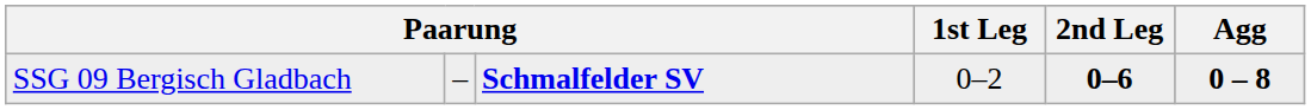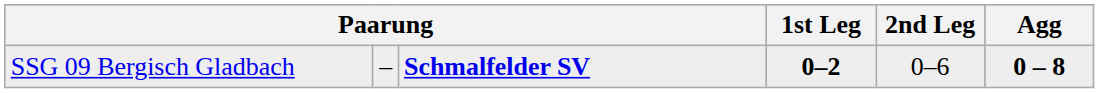 <table class="wikitable">
 <tr>
 <th colspan="3" bgcolor="#EEEEEE">Paarung</th>
 <th style="width:60px;" bgcolor="#EEEEEE">1st Leg</th>
 <th style="width:60px;" bgcolor="#EEEEEE">2nd Leg</th>
 <th style="width:60px;" bgcolor="#EEEEEE">Agg</th>
 </tr>
 <tr>
 <td style="width:220px;" bgcolor="#EEEEEE"><a href='#'>SSG 09 Bergisch Gladbach</a></td>
 <td align="center" bgcolor="#EEEEEE">–</td>
 <td style="width:220px;" bgcolor="#EEEEEE"><strong><a href='#'>Schmalfelder SV</a></strong></td>
-<td bgcolor="#EEEEEE" align="center">0–2</td>
-<td bgcolor="#EEEEEE" align="center"><strong>0–6</strong></td>
+<td bgcolor="#EEEEEE" align="center"><strong>0–2</strong></td>
+<td bgcolor="#EEEEEE" align="center">0–6</td>
 <td bgcolor="#EEEEEE" align="center"><strong>0 – 8</strong></td>
 </tr>
 </table>
